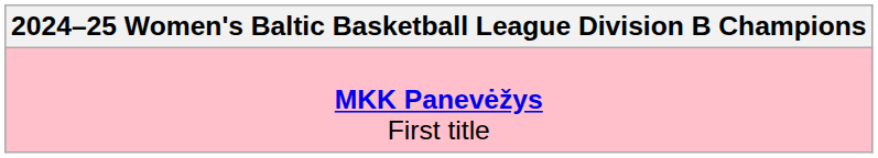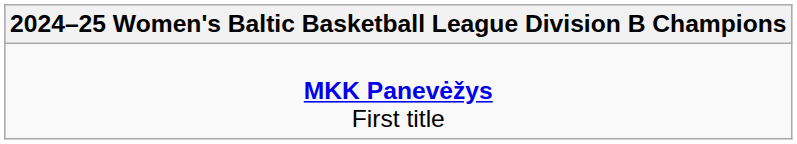 <table class=wikitable style="text-align:center; margin:auto">
 <tr>
 <th>2024–25 Women's Baltic Basketball League Division B Champions</th>
 </tr>
 <tr>
-<td style="background: pink;"> <br><strong><a href='#'>MKK Panevėžys</a></strong><br>First title</td>
+<td> <br><strong><a href='#'>MKK Panevėžys</a></strong><br>First title</td>
 </tr>
 </table>
